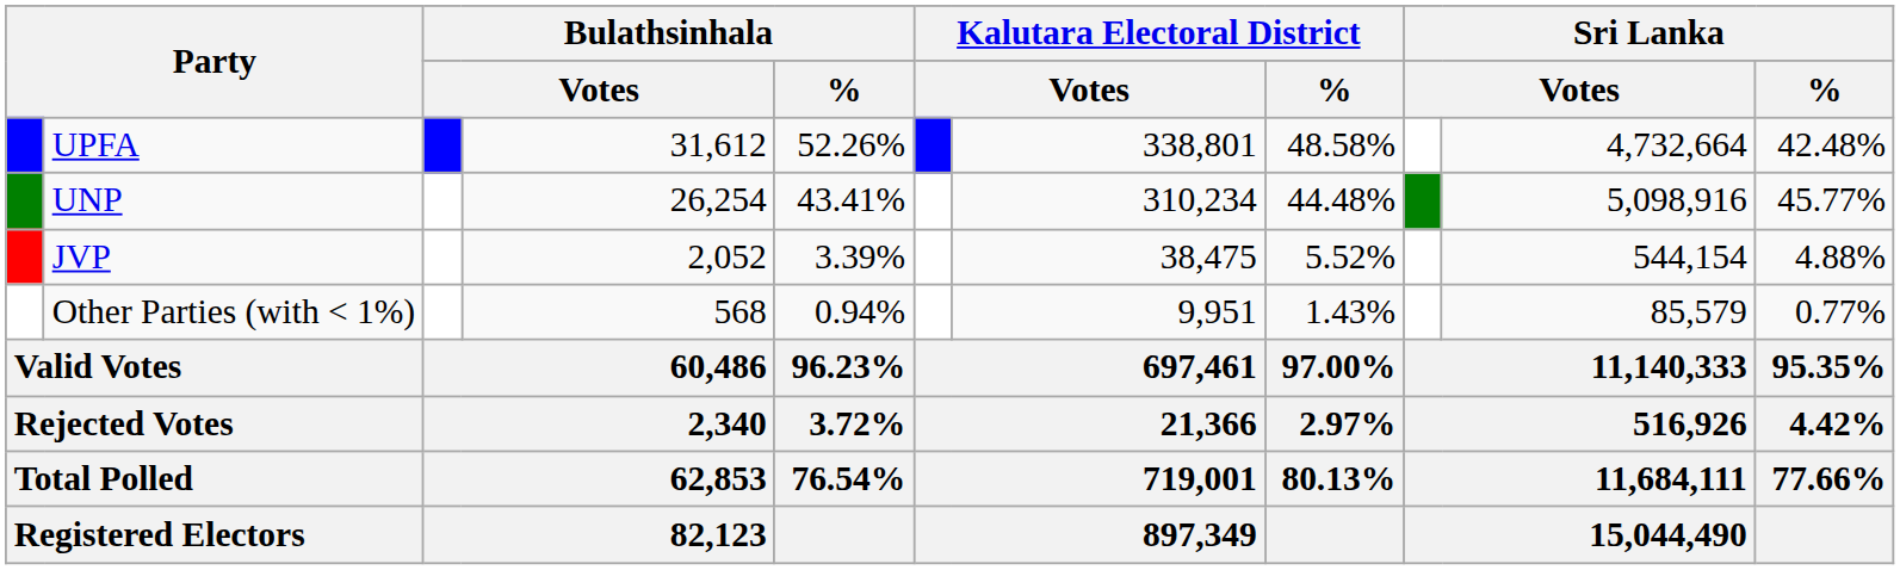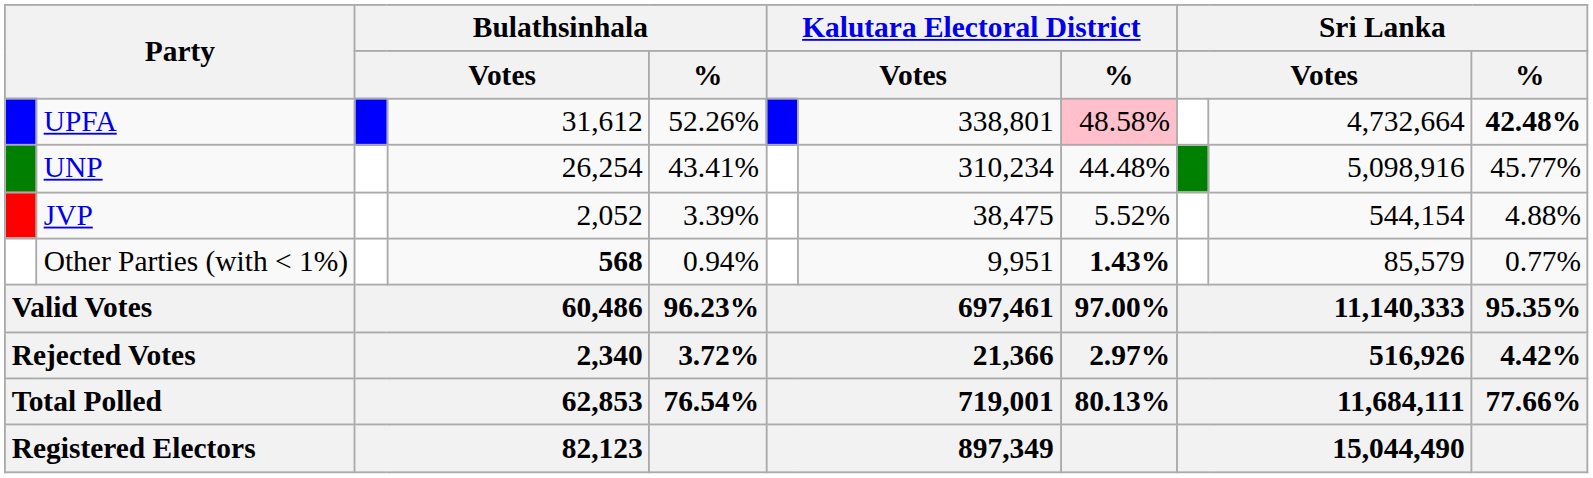 <table class="wikitable">
 <tr>
 <th colspan="2" width="144px"rowspan="2">Party</th>
 <th colspan="3" width="216px">Bulathsinhala</th>
 <th colspan="3" width="216px"><a href='#'>Kalutara Electoral District</a></th>
 <th colspan="3" width="216px">Sri Lanka</th>
 </tr>
 <tr>
 <th colspan="2" width="144px">Votes</th>
 <th>%</th>
 <th colspan="2" width="144px">Votes</th>
 <th>%</th>
 <th colspan="2" width="144px">Votes</th>
 <th>%</th>
 </tr>
 <tr>
 <td style="background-color:blue;" width="10px"></td>
 <td style="text-align:left;"><a href='#'>UPFA</a></td>
 <td style="background-color:blue;" width="10px"></td>
 <td style="text-align:right;">31,612</td>
 <td style="text-align:right;">52.26%</td>
 <td style="background-color:blue;" width="10px"></td>
 <td style="text-align:right;">338,801</td>
-<td style="text-align:right;">48.58%</td>
+<td style="background: pink; text-align:right;">48.58%</td>
 <td style="background-color:white;" width="10px"></td>
 <td style="text-align:right;">4,732,664</td>
-<td style="text-align:right;">42.48%</td>
+<td style="text-align:right;"><strong>42.48%</strong></td>
 </tr>
 <tr>
 <td style="background-color:green;" width="10px"></td>
 <td style="text-align:left;"><a href='#'>UNP</a></td>
 <td style="background-color:white;" width="10px"></td>
 <td style="text-align:right;">26,254</td>
 <td style="text-align:right;">43.41%</td>
 <td style="background-color:white;" width="10px"></td>
 <td style="text-align:right;">310,234</td>
 <td style="text-align:right;">44.48%</td>
 <td style="background-color:green;" width="10px"></td>
 <td style="text-align:right;">5,098,916</td>
 <td style="text-align:right;">45.77%</td>
 </tr>
 <tr>
 <td style="background-color:red;" width="10px"></td>
 <td style="text-align:left;"><a href='#'>JVP</a></td>
 <td style="background-color:white;" width="10px"></td>
 <td style="text-align:right;">2,052</td>
 <td style="text-align:right;">3.39%</td>
 <td style="background-color:white;" width="10px"></td>
 <td style="text-align:right;">38,475</td>
 <td style="text-align:right;">5.52%</td>
 <td style="background-color:white;" width="10px"></td>
 <td style="text-align:right;">544,154</td>
 <td style="text-align:right;">4.88%</td>
 </tr>
 <tr>
 <td style="background-color:white;" width="10px"></td>
 <td style="text-align:left;">Other Parties (with < 1%)</td>
 <td style="background-color:white;" width="10px"></td>
-<td style="text-align:right;">568</td>
+<td style="text-align:right;"><strong>568</strong></td>
 <td style="text-align:right;">0.94%</td>
 <td style="background-color:white;" width="10px"></td>
 <td style="text-align:right;">9,951</td>
-<td style="text-align:right;">1.43%</td>
+<td style="text-align:right;"><strong>1.43%</strong></td>
 <td style="background-color:white;" width="10px"></td>
 <td style="text-align:right;">85,579</td>
 <td style="text-align:right;">0.77%</td>
 </tr>
 <tr>
 <th colspan="2" width="144px"style="text-align:left;">Valid Votes</th>
 <th style="text-align:right;"colspan="2" width="144px">60,486</th>
 <th style="text-align:right;">96.23%</th>
 <th style="text-align:right;"colspan="2" width="144px">697,461</th>
 <th style="text-align:right;">97.00%</th>
 <th style="text-align:right;"colspan="2" width="144px">11,140,333</th>
 <th style="text-align:right;">95.35%</th>
 </tr>
 <tr>
 <th colspan="2" width="144px"style="text-align:left;">Rejected Votes</th>
 <th style="text-align:right;"colspan="2" width="144px">2,340</th>
 <th style="text-align:right;">3.72%</th>
 <th style="text-align:right;"colspan="2" width="144px">21,366</th>
 <th style="text-align:right;">2.97%</th>
 <th style="text-align:right;"colspan="2" width="144px">516,926</th>
 <th style="text-align:right;">4.42%</th>
 </tr>
 <tr>
 <th colspan="2" width="144px"style="text-align:left;">Total Polled</th>
 <th style="text-align:right;"colspan="2" width="144px">62,853</th>
 <th style="text-align:right;">76.54%</th>
 <th style="text-align:right;"colspan="2" width="144px">719,001</th>
 <th style="text-align:right;">80.13%</th>
 <th style="text-align:right;"colspan="2" width="144px">11,684,111</th>
 <th style="text-align:right;">77.66%</th>
 </tr>
 <tr>
 <th colspan="2" width="144px"style="text-align:left;">Registered Electors</th>
 <th style="text-align:right;"colspan="2" width="144px">82,123</th>
 <th></th>
 <th style="text-align:right;"colspan="2" width="144px">897,349</th>
 <th></th>
 <th style="text-align:right;"colspan="2" width="144px">15,044,490</th>
 <th></th>
 </tr>
 </table>
